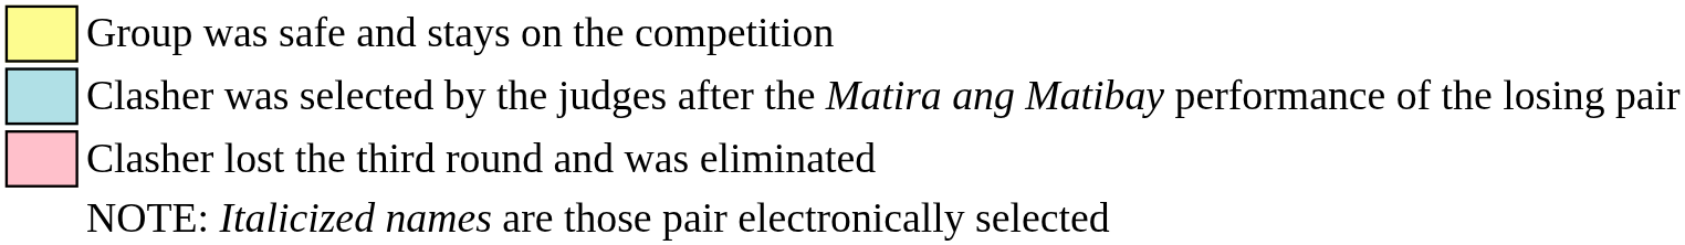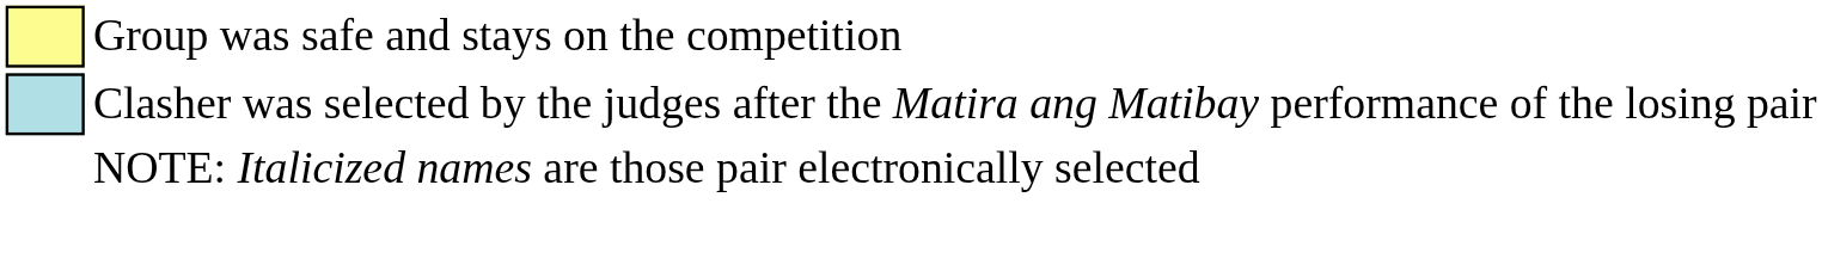 <table class="toccolours" style="white-space: nowrap;">
 <tr>
 <td style="background:#fdfc8f; border: 1px solid black">    </td>
 <td>Group was safe and stays on the competition</td>
 </tr>
 <tr>
 <td style="background:#b0e0e6; border:1px solid black;">      </td>
 <td>Clasher was selected by the judges after the <em>Matira ang Matibay</em> performance of the losing pair</td>
 </tr>
 <tr>
-<td style="background:pink; border:1px solid black;">      </td>
-<td>Clasher lost the third round and was eliminated</td>
-</tr>
-<tr>
 <td style="background:none; border: 0px solid black">    </td>
 <td>NOTE: <em>Italicized names</em> are those pair electronically selected</td>
 </tr>
 </table>
